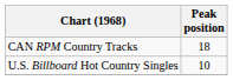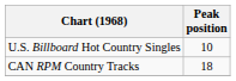 <table class="wikitable sortable">
 <tr>
 <th align="left">Chart (1968)</th>
 <th align="center">Peak<br>position</th>
 </tr>
 <tr>
+<td align="left">U.S. <em>Billboard</em> Hot Country Singles</td>
+<td align="center">10</td>
+</tr>
+<tr>
 <td align="left">CAN <em>RPM</em> Country Tracks</td>
 <td align="center">18</td>
 </tr>
 <tr>
-<td align="left">U.S. <em>Billboard</em> Hot Country Singles</td>
-<td align="center">10</td>
-</tr>
-<tr>
 </tr>
 </table>
